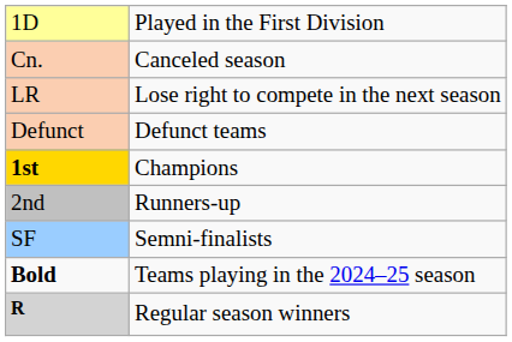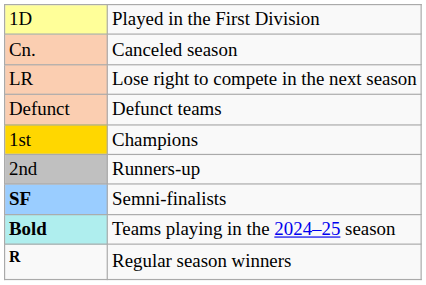 <table class="wikitable">
 <tr>
 <td style="background-color:#FFFF99" width="80px">1D</td>
 <td colspan="6">Played in the First Division</td>
 </tr>
 <tr>
 <td style="background-color:#FBCEB1" width="80px">Cn.</td>
 <td colspan="6">Canceled season</td>
 </tr>
 <tr>
 <td style="background-color:#FBCEB1" width="80px">LR</td>
 <td colspan="6">Lose right to compete in the next season</td>
 </tr>
 <tr>
 <td style="background-color:#FBCEB1" width="80px">Defunct</td>
 <td colspan="6">Defunct teams</td>
 </tr>
 <tr>
-<td style="background-color:gold" width="80px"><strong>1st</strong></td>
+<td style="background-color:gold" width="80px">1st</td>
 <td colspan="6">Champions</td>
 </tr>
 <tr>
 <td style="background-color:silver" width="80px">2nd</td>
 <td colspan="6">Runners-up</td>
 </tr>
 <tr>
-<td style="background-color:#9acdff" width="80px">SF</td>
+<td style="background-color:#9acdff" width="80px"><strong>SF</strong></td>
 <td colspan="6">Semni-finalists</td>
 </tr>
 <tr>
-<td width="80px"><strong>Bold</strong></td>
+<td width="80px" style="background: paleturquoise;"><strong>Bold</strong></td>
 <td colspan="6">Teams playing in the <a href='#'>2024–25</a> season</td>
 </tr>
 <tr>
-<td width="80px" style="background: lightgrey;"><sup><strong>R</strong></sup></td>
+<td width="80px"><sup><strong>R</strong></sup></td>
 <td colspan="6">Regular season winners</td>
 </tr>
 </table>
